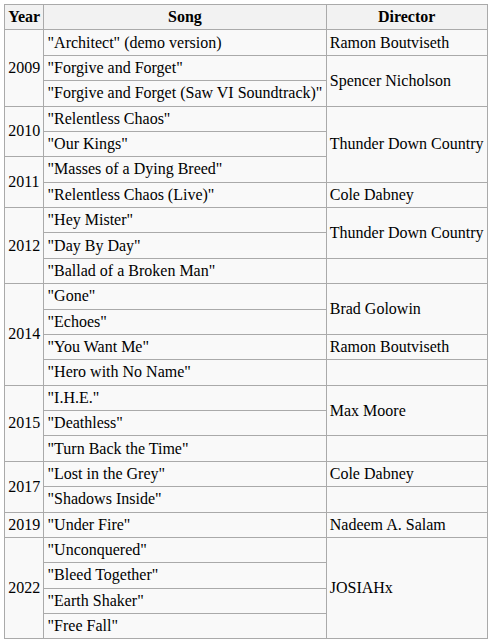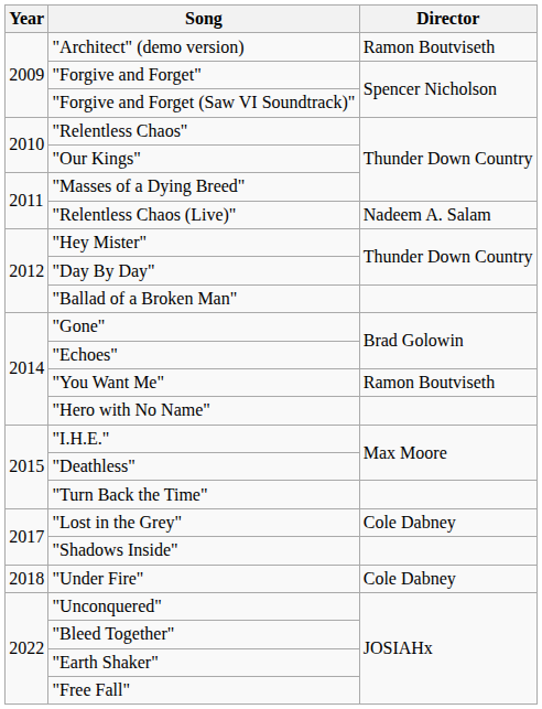 <table class="wikitable">
 <tr>
 <th>Year</th>
 <th>Song</th>
 <th>Director</th>
 </tr>
 <tr>
 <td rowspan="3">2009</td>
 <td>"Architect" (demo version)</td>
 <td>Ramon Boutviseth</td>
 </tr>
 <tr>
 <td>"Forgive and Forget"</td>
 <td rowspan="2">Spencer Nicholson</td>
 </tr>
 <tr>
 <td>"Forgive and Forget (Saw VI Soundtrack)"</td>
 </tr>
 <tr>
 <td rowspan="2">2010</td>
 <td>"Relentless Chaos"</td>
 <td rowspan="3">Thunder Down Country</td>
 </tr>
 <tr>
 <td>"Our Kings"</td>
 </tr>
 <tr>
 <td rowspan="2">2011</td>
 <td>"Masses of a Dying Breed"</td>
 </tr>
 <tr>
 <td>"Relentless Chaos (Live)"</td>
-<td>Cole Dabney</td>
+<td>Nadeem A. Salam</td>
 </tr>
 <tr>
 <td rowspan="3">2012</td>
 <td>"Hey Mister"</td>
 <td rowspan="2">Thunder Down Country</td>
 </tr>
 <tr>
 <td>"Day By Day"</td>
 </tr>
 <tr>
 <td "Ballad of a Broken Man">"Ballad of a Broken Man"</td>
 <td></td>
 </tr>
 <tr>
 <td rowspan="4">2014</td>
 <td>"Gone"</td>
 <td rowspan="2">Brad Golowin</td>
 </tr>
 <tr>
 <td>"Echoes"</td>
 </tr>
 <tr>
 <td "You Want Me">"You Want Me"</td>
 <td>Ramon Boutviseth</td>
 </tr>
 <tr>
 <td>"Hero with No Name"</td>
 </tr>
 <tr>
 <td rowspan="3">2015</td>
 <td>"I.H.E."</td>
 <td rowspan="2">Max Moore</td>
 </tr>
 <tr>
 <td>"Deathless"</td>
 </tr>
 <tr>
 <td "Turn Back the Time">"Turn Back the Time"</td>
 <td></td>
 </tr>
 <tr>
 <td rowspan="2">2017</td>
 <td>"Lost in the Grey"</td>
 <td>Cole Dabney</td>
 </tr>
 <tr>
 <td "Shadows Inside">"Shadows Inside"</td>
 <td></td>
 </tr>
 <tr>
-<td rowspan="1">2019</td>
+<td rowspan="1">2018</td>
 <td>"Under Fire"</td>
-<td>Nadeem A. Salam</td>
+<td>Cole Dabney</td>
 </tr>
 <tr>
 <td rowspan="4">2022</td>
 <td>"Unconquered"</td>
 <td rowspan="4">JOSIAHx</td>
 </tr>
 <tr>
 <td>"Bleed Together"</td>
 </tr>
 <tr>
 <td>"Earth Shaker"</td>
 </tr>
 <tr>
 <td>"Free Fall"</td>
 </tr>
 </table>
